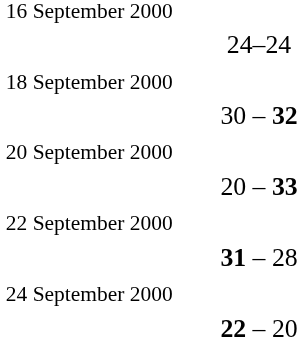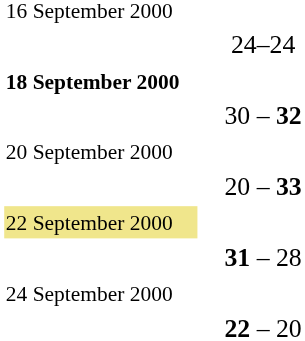 <table style="text-align:center" width=400>
 <tr>
 <th width=15%></th>
 <th width=10%></th>
 <th width=15%></th>
 <th width=10%></th>
 </tr>
 <tr align="left">
 <td><small>16 September 2000</small></td>
 </tr>
 <tr>
 <td align="right"></td>
 <td>24–24</td>
 <td align="left"></td>
 <td></td>
 </tr>
 <tr align="left">
-<td><small>18 September 2000</small></td>
+<td><strong><small>18 September 2000</small></strong></td>
 </tr>
 <tr>
 <td align="right"></td>
 <td>30 – <strong>32</strong></td>
 <td align="left"><strong></strong></td>
 <td></td>
 </tr>
 <tr align="left">
 <td><small>20 September 2000</small></td>
 </tr>
 <tr>
 <td align="right"></td>
 <td>20 – <strong>33</strong></td>
 <td align="left"><strong></strong></td>
 <td></td>
 </tr>
 <tr align="left">
-<td><small>22 September 2000</small></td>
+<td style="background: khaki;"><small>22 September 2000</small></td>
 </tr>
 <tr>
 <td align="right"><strong></strong></td>
 <td><strong>31</strong> – 28</td>
 <td align="left"></td>
 <td></td>
 </tr>
 <tr align="left">
 <td><small>24 September 2000</small></td>
 </tr>
 <tr>
 <td align="right"><strong></strong></td>
 <td><strong>22</strong> – 20</td>
 <td align="left"></td>
 <td></td>
 </tr>
 </table>
